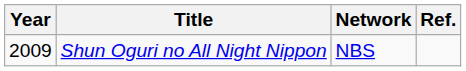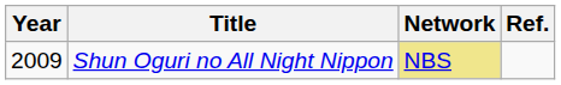 <table class="wikitable">
 <tr>
 <th>Year</th>
 <th>Title</th>
 <th>Network</th>
 <th>Ref.</th>
 </tr>
 <tr>
 <td>2009</td>
 <td><em><a href='#'>Shun Oguri no All Night Nippon</a></em></td>
-<td><a href='#'>NBS</a></td>
+<td style="background: khaki;"><a href='#'>NBS</a></td>
 <td></td>
 </tr>
 </table>
